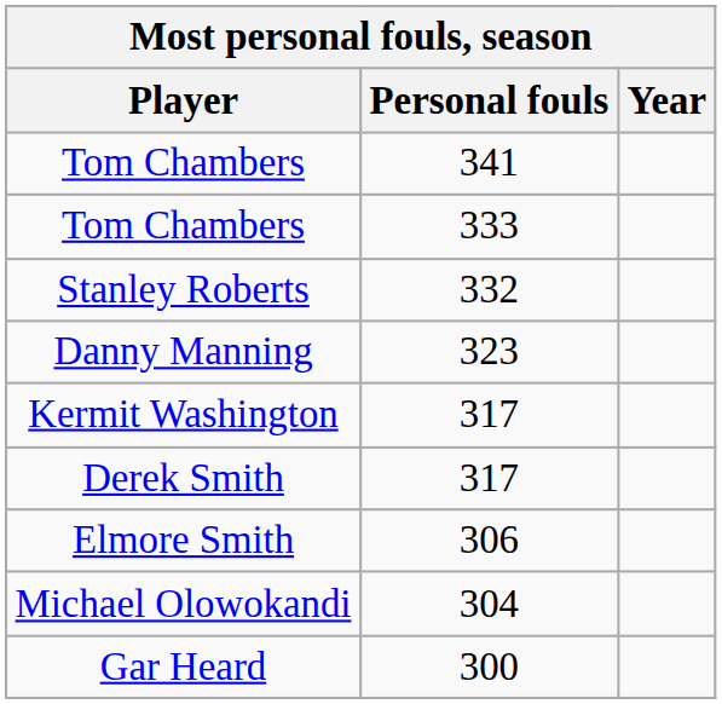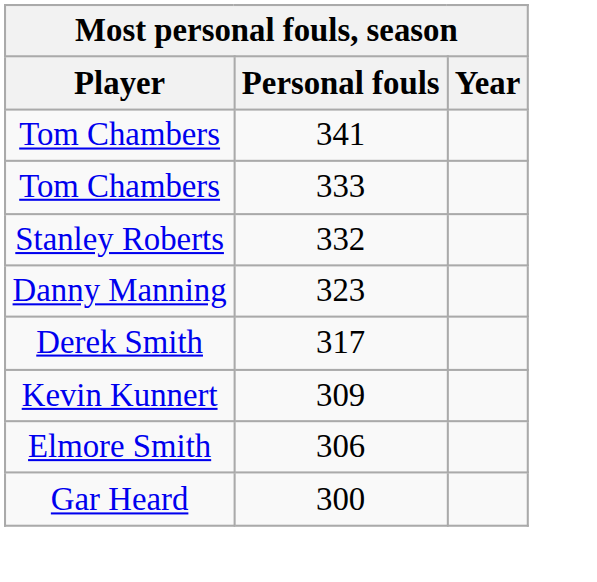 <table class="wikitable sortable" style="text-align:center">
 <tr>
 <th colspan="3">Most personal fouls, season</th>
 </tr>
 <tr>
 <th>Player</th>
 <th>Personal fouls</th>
 <th>Year</th>
 </tr>
 <tr>
 <td><a href='#'>Tom Chambers</a></td>
 <td>341</td>
 <td></td>
 </tr>
 <tr>
 <td><a href='#'>Tom Chambers</a></td>
 <td>333</td>
 <td></td>
 </tr>
 <tr>
 <td><a href='#'>Stanley Roberts</a></td>
 <td>332</td>
 <td></td>
 </tr>
 <tr>
 <td><a href='#'>Danny Manning</a></td>
 <td>323</td>
 <td></td>
 </tr>
 <tr>
-<td><a href='#'>Kermit Washington</a></td>
+<td><a href='#'>Derek Smith</a></td>
 <td>317</td>
 <td></td>
 </tr>
 <tr>
-<td><a href='#'>Derek Smith</a></td>
-<td>317</td>
+<td><a href='#'>Kevin Kunnert</a></td>
+<td>309</td>
 <td></td>
 </tr>
 <tr>
 <td><a href='#'>Elmore Smith</a></td>
 <td>306</td>
 <td></td>
 </tr>
 <tr>
-<td><a href='#'>Michael Olowokandi</a></td>
-<td>304</td>
-<td></td>
-</tr>
-<tr>
 <td><a href='#'>Gar Heard</a></td>
 <td>300</td>
 <td></td>
 </tr>
 </table>
